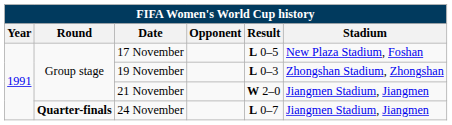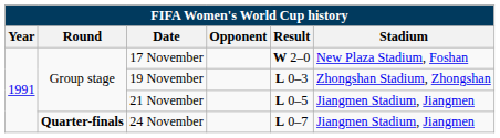 <table class="wikitable" style="text-align: center;font-size:100%;">
 <tr>
 <th colspan=6 style="background: #013A5E; color: #FFFFFF;">FIFA Women's World Cup history</th>
 </tr>
 <tr>
 <th>Year</th>
 <th>Round</th>
 <th>Date</th>
 <th>Opponent</th>
 <th>Result</th>
 <th>Stadium</th>
 </tr>
 <tr>
 <td rowspan=4> <a href='#'>1991</a></td>
 <td rowspan=3>Group stage</td>
 <td align="left">17 November</td>
 <td align="left"></td>
-<td><strong>L</strong> 0–5</td>
+<td><strong>W</strong> 2–0</td>
 <td align="left"><a href='#'>New Plaza Stadium</a>, <a href='#'>Foshan</a></td>
 </tr>
 <tr>
 <td align="left">19 November</td>
 <td align="left"></td>
 <td><strong>L</strong> 0–3</td>
 <td align="left"><a href='#'>Zhongshan Stadium</a>, <a href='#'>Zhongshan</a></td>
 </tr>
 <tr>
 <td align="left">21 November</td>
 <td align="left"></td>
-<td><strong>W</strong> 2–0</td>
+<td><strong>L</strong> 0–5</td>
 <td align="left"><a href='#'>Jiangmen Stadium</a>, <a href='#'>Jiangmen</a></td>
 </tr>
 <tr>
 <td><strong>Quarter-finals</strong></td>
 <td align="left">24 November</td>
 <td align="left"></td>
 <td><strong>L</strong> 0–7</td>
 <td align="left"><a href='#'>Jiangmen Stadium</a>, <a href='#'>Jiangmen</a></td>
 </tr>
 </table>
